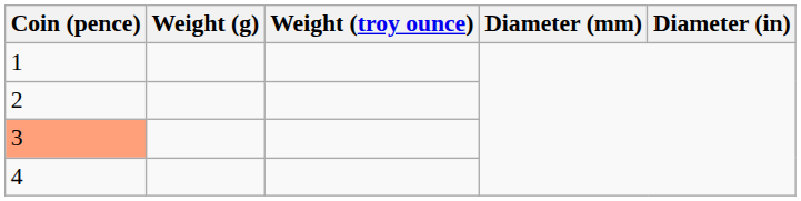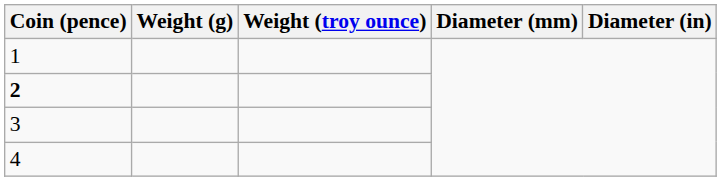 <table class="wikitable">
 <tr>
 <th>Coin (pence)</th>
 <th>Weight (g)</th>
 <th>Weight (<a href='#'>troy ounce</a>)</th>
 <th>Diameter (mm)</th>
 <th>Diameter (in)</th>
 </tr>
 <tr>
 <td>1</td>
 <td></td>
 <td></td>
 </tr>
 <tr>
-<td>2</td>
+<td><strong>2</strong></td>
 <td></td>
 <td></td>
 </tr>
 <tr>
-<td style="background: lightsalmon;">3</td>
+<td>3</td>
 <td></td>
 <td></td>
 </tr>
 <tr>
 <td>4</td>
 <td></td>
 <td></td>
 </tr>
 </table>
